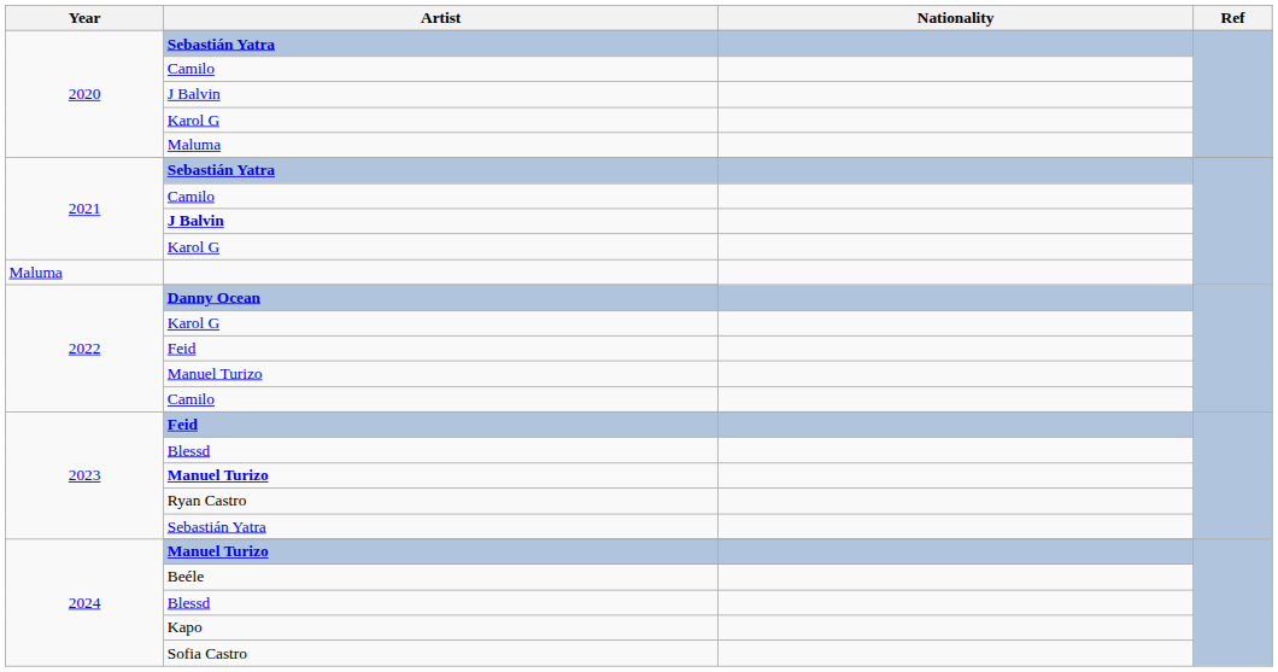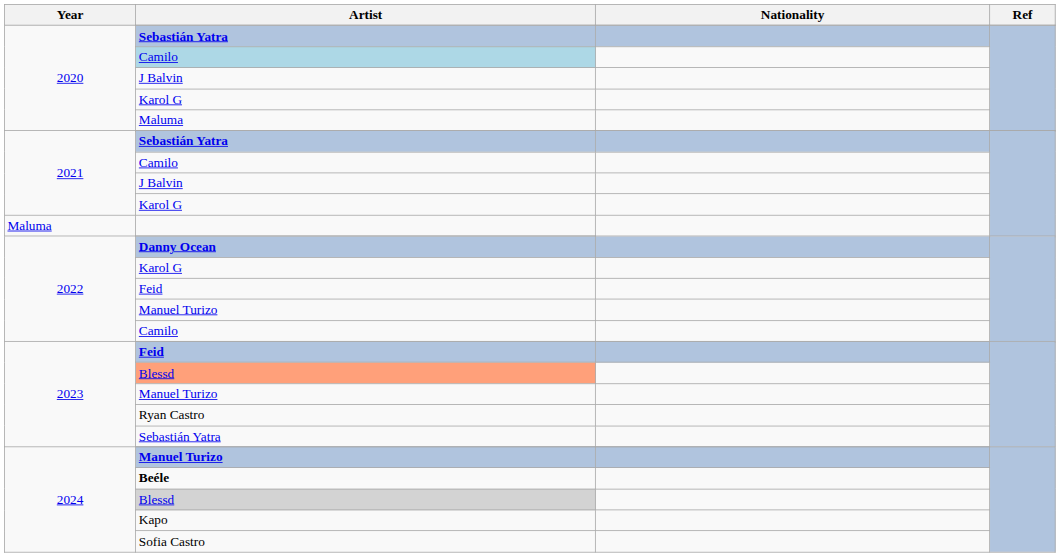 <table class="wikitable" style="width:80%;">
 <tr style="background:#bebebe;">
 <th style="width:10%;">Year</th>
 <th style="width:35%;">Artist</th>
 <th style="width:30%;">Nationality</th>
 <th style="width:5%;">Ref</th>
 </tr>
 <tr>
 <td rowspan="6" align="center"><a href='#'>2020</a></td>
 </tr>
 <tr style="background:#B0C4DE">
 <td><strong><a href='#'>Sebastián Yatra</a></strong></td>
 <td><strong></strong></td>
 <td rowspan="6" align="center"></td>
 </tr>
 <tr>
-<td><a href='#'>Camilo</a></td>
+<td style="background: lightblue;"><a href='#'>Camilo</a></td>
 <td></td>
 </tr>
 <tr>
 <td><a href='#'>J Balvin</a></td>
 <td></td>
 </tr>
 <tr>
 <td><a href='#'>Karol G</a></td>
 <td></td>
 </tr>
 <tr>
 <td><a href='#'>Maluma</a></td>
 <td></td>
 </tr>
 <tr>
 <td rowspan="6" align="center"><a href='#'>2021</a></td>
 </tr>
 <tr>
 </tr>
 <tr style="background:#B0C4DE">
 <td><strong><a href='#'>Sebastián Yatra</a></strong></td>
 <td><strong></strong></td>
 <td rowspan="6" align="center"></td>
 </tr>
 <tr>
 <td><a href='#'>Camilo</a></td>
 <td></td>
 </tr>
 <tr>
-<td><strong><a href='#'>J Balvin</a></strong></td>
+<td><a href='#'>J Balvin</a></td>
 <td></td>
 </tr>
 <tr>
 <td><a href='#'>Karol G</a></td>
 <td></td>
 </tr>
 <tr>
 <td><a href='#'>Maluma</a></td>
 <td></td>
 </tr>
 <tr>
 <td rowspan="6" align="center"><a href='#'>2022</a></td>
 </tr>
 <tr style="background:#B0C4DE">
 <td><strong><a href='#'>Danny Ocean</a></strong></td>
 <td><strong></strong></td>
 <td rowspan="6" align="center"></td>
 </tr>
 <tr>
 <td><a href='#'>Karol G</a></td>
 <td></td>
 </tr>
 <tr>
 <td><a href='#'>Feid</a></td>
 <td></td>
 </tr>
 <tr>
 <td><a href='#'>Manuel Turizo</a></td>
 <td></td>
 </tr>
 <tr>
 <td><a href='#'>Camilo</a></td>
 <td></td>
 </tr>
 <tr>
 <td rowspan="6" align="center"><a href='#'>2023</a></td>
 </tr>
 <tr style="background:#B0C4DE">
 <td><strong><a href='#'>Feid</a></strong></td>
 <td><strong></strong></td>
 <td rowspan="6" align="center"></td>
 </tr>
 <tr>
-<td><a href='#'>Blessd</a></td>
+<td style="background: lightsalmon;"><a href='#'>Blessd</a></td>
 <td></td>
 </tr>
 <tr>
-<td><strong><a href='#'>Manuel Turizo</a></strong></td>
+<td><a href='#'>Manuel Turizo</a></td>
 <td></td>
 </tr>
 <tr>
 <td>Ryan Castro</td>
 <td></td>
 </tr>
 <tr>
 <td><a href='#'>Sebastián Yatra</a></td>
 <td></td>
 </tr>
 <tr>
 <td rowspan="6" align="center"><a href='#'>2024</a></td>
 </tr>
 <tr style="background:#B0C4DE">
 <td><strong><a href='#'>Manuel Turizo</a></strong></td>
 <td><strong></strong></td>
 <td rowspan="6" align="center"></td>
 </tr>
 <tr>
-<td>Beéle</td>
+<td><strong>Beéle</strong></td>
 <td></td>
 </tr>
 <tr>
-<td><a href='#'>Blessd</a></td>
+<td style="background: lightgrey;"><a href='#'>Blessd</a></td>
 <td></td>
 </tr>
 <tr>
 <td>Kapo</td>
 <td></td>
 </tr>
 <tr>
 <td>Sofia Castro</td>
 <td></td>
 </tr>
 </table>
